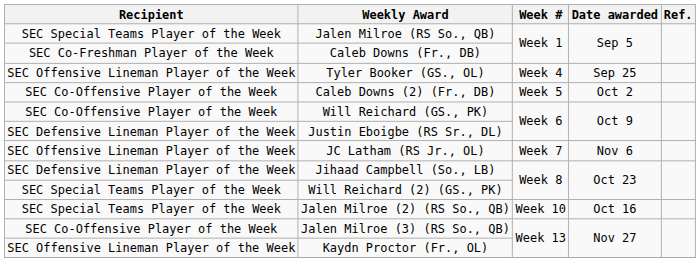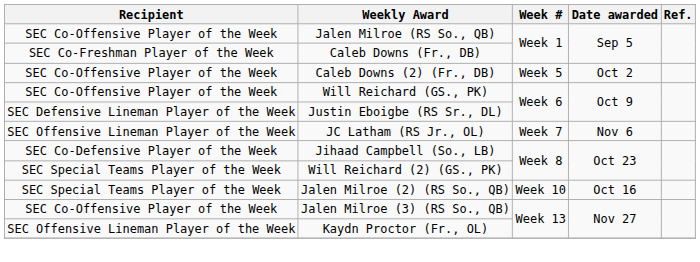 <table class="wikitable sortable" style="text-align:center">
 <tr>
 <th>Recipient</th>
 <th>Weekly Award</th>
 <th>Week #</th>
 <th>Date awarded</th>
 <th>Ref.</th>
 </tr>
 <tr>
-<td>SEC Special Teams Player of the Week</td>
+<td>SEC Co-Offensive Player of the Week</td>
 <td>Jalen Milroe (RS So., QB)</td>
 <td rowspan=2>Week 1</td>
 <td rowspan=2>Sep 5</td>
 <td rowspan=2></td>
 </tr>
 <tr>
 <td>SEC Co-Freshman Player of the Week</td>
 <td>Caleb Downs (Fr., DB)</td>
-</tr>
-<tr>
-<td>SEC Offensive Lineman Player of the Week</td>
-<td>Tyler Booker (GS., OL)</td>
-<td>Week 4</td>
-<td>Sep 25</td>
-<td></td>
 </tr>
 <tr>
 <td>SEC Co-Offensive Player of the Week</td>
 <td>Caleb Downs (2) (Fr., DB)</td>
 <td>Week 5</td>
 <td>Oct 2</td>
 <td></td>
 </tr>
 <tr>
 <td>SEC Co-Offensive Player of the Week</td>
 <td>Will Reichard (GS., PK)</td>
 <td rowspan=2>Week 6</td>
 <td rowspan=2>Oct 9</td>
 <td rowspan=2></td>
 </tr>
 <tr>
 <td>SEC Defensive Lineman Player of the Week</td>
 <td>Justin Eboigbe (RS Sr., DL)</td>
 </tr>
 <tr>
 <td>SEC Offensive Lineman Player of the Week</td>
 <td>JC Latham (RS Jr., OL)</td>
 <td>Week 7</td>
 <td>Nov 6</td>
 <td></td>
 </tr>
 <tr>
-<td>SEC Defensive Lineman Player of the Week</td>
+<td>SEC Co-Defensive Player of the Week</td>
 <td>Jihaad Campbell (So., LB)</td>
 <td rowspan=2>Week 8</td>
 <td rowspan=2>Oct 23</td>
 <td rowspan=2></td>
 </tr>
 <tr>
 <td>SEC Special Teams Player of the Week</td>
 <td>Will Reichard (2) (GS., PK)</td>
 </tr>
 <tr>
 <td>SEC Special Teams Player of the Week</td>
 <td>Jalen Milroe (2) (RS So., QB)</td>
 <td>Week 10</td>
 <td>Oct 16</td>
 <td></td>
 </tr>
 <tr>
 <td>SEC Co-Offensive Player of the Week</td>
 <td>Jalen Milroe (3) (RS So., QB)</td>
 <td rowspan=2>Week 13</td>
 <td rowspan=2>Nov 27</td>
 <td rowspan=2></td>
 </tr>
 <tr>
 <td>SEC Offensive Lineman Player of the Week</td>
 <td>Kaydn Proctor (Fr., OL)</td>
 </tr>
 <tr>
 </tr>
 </table>
